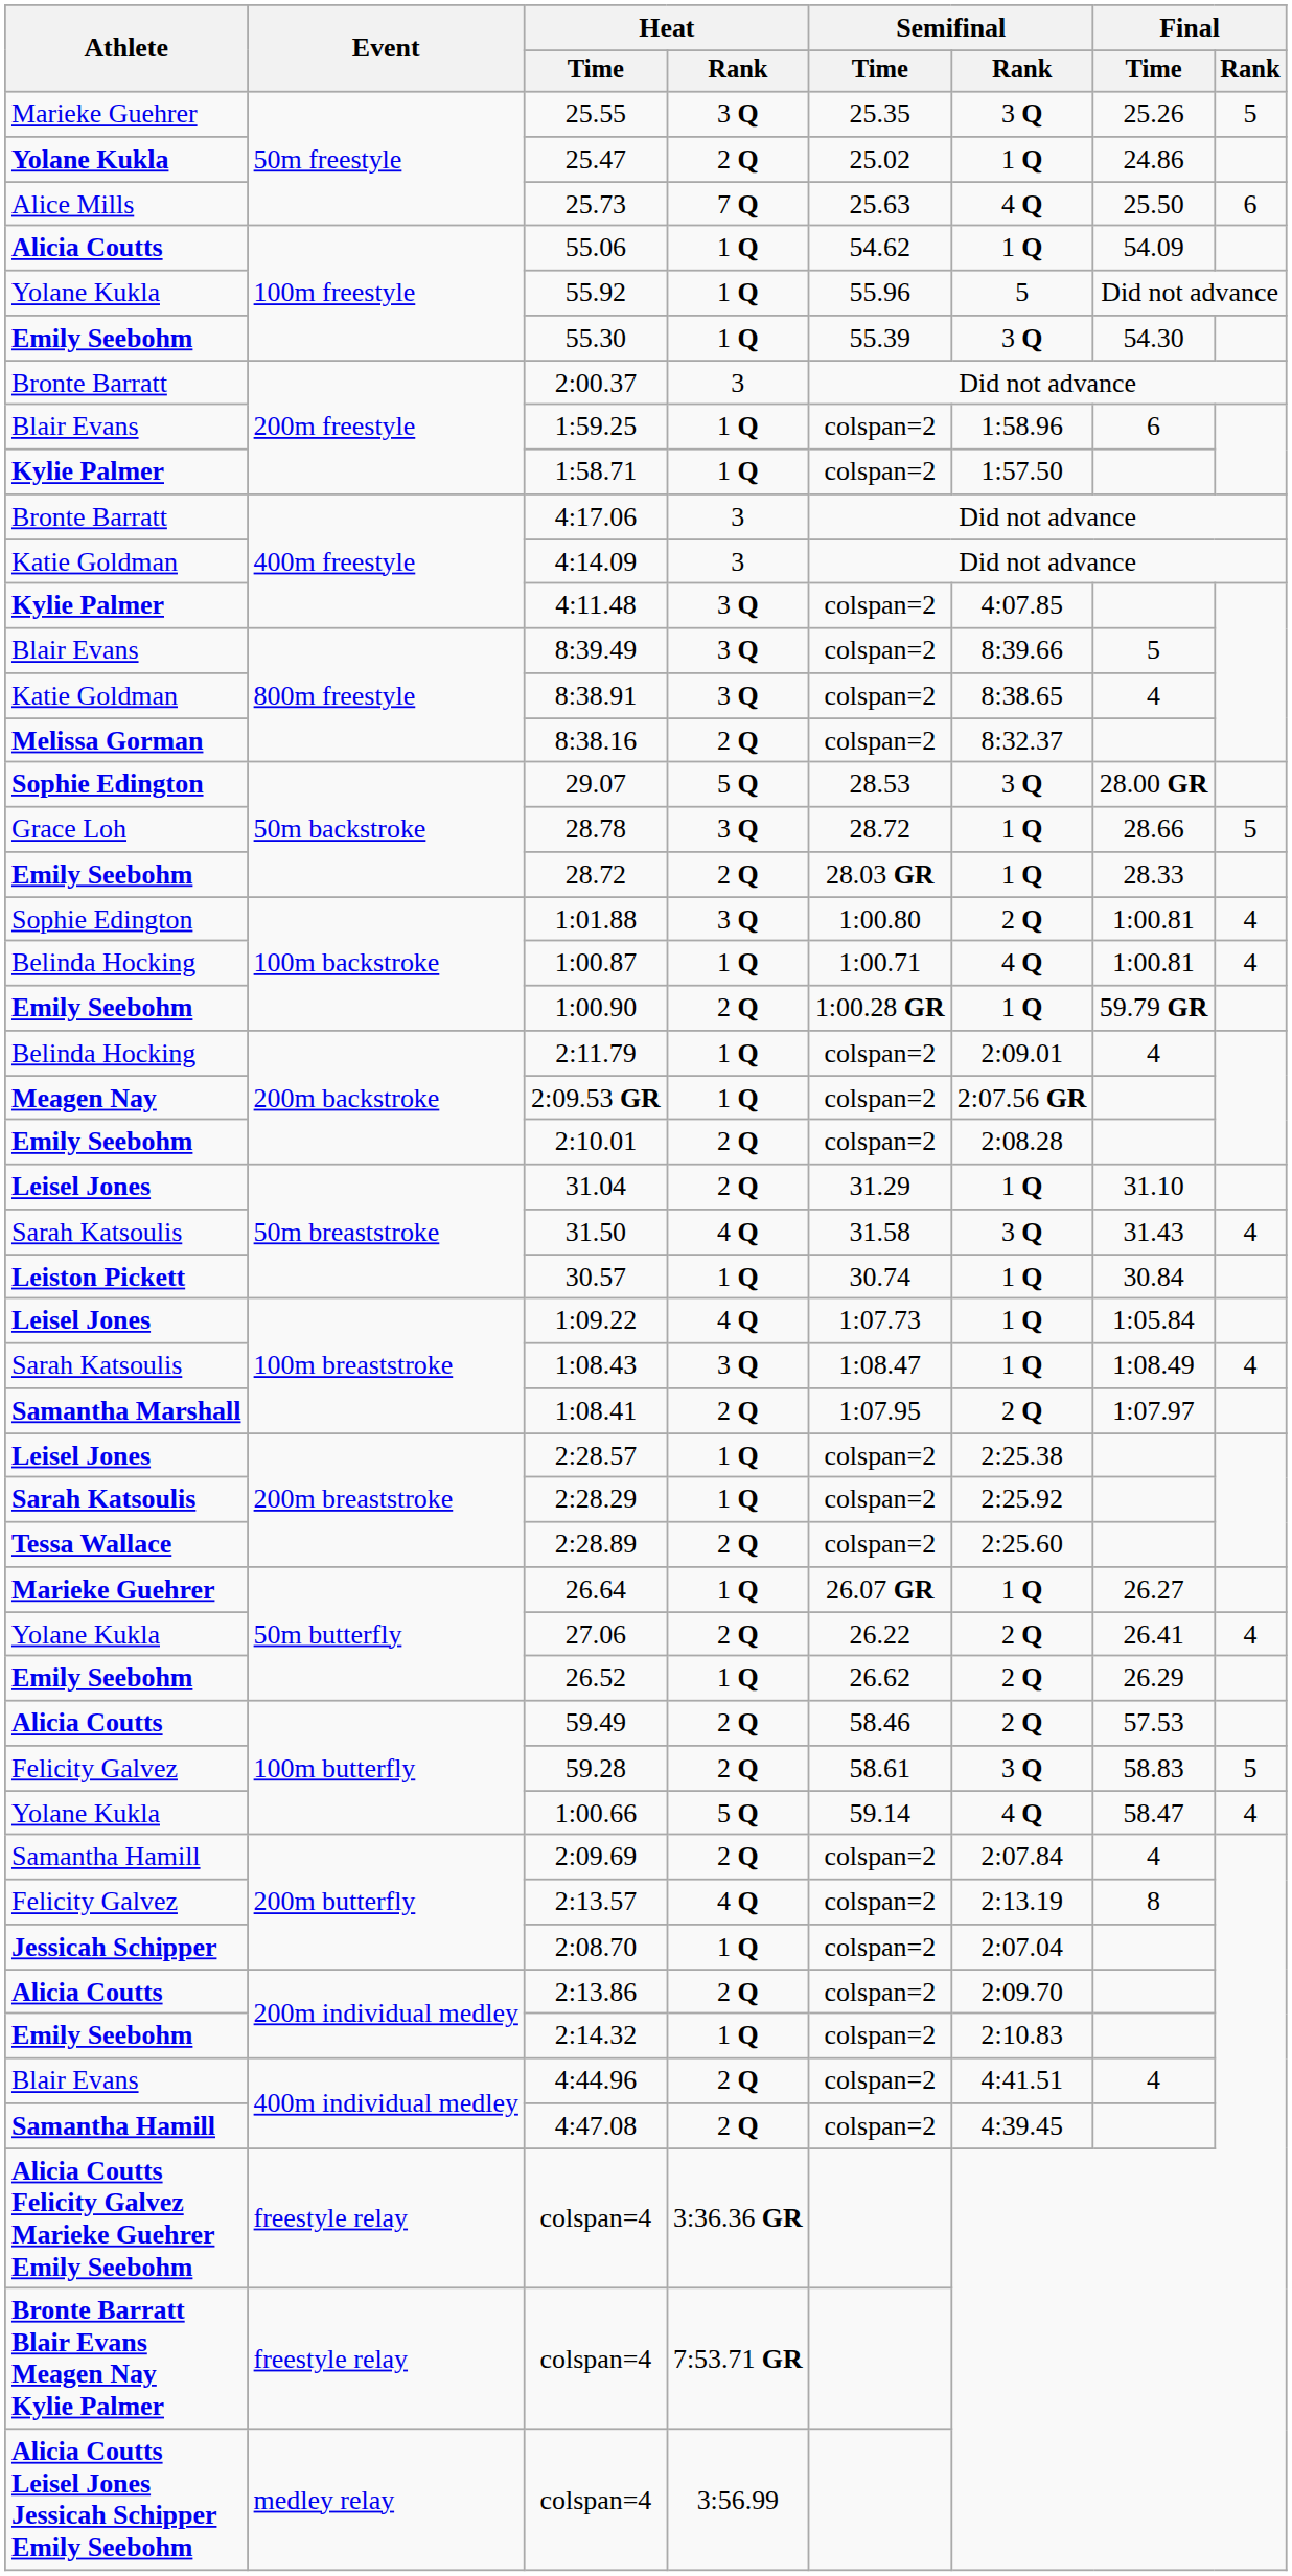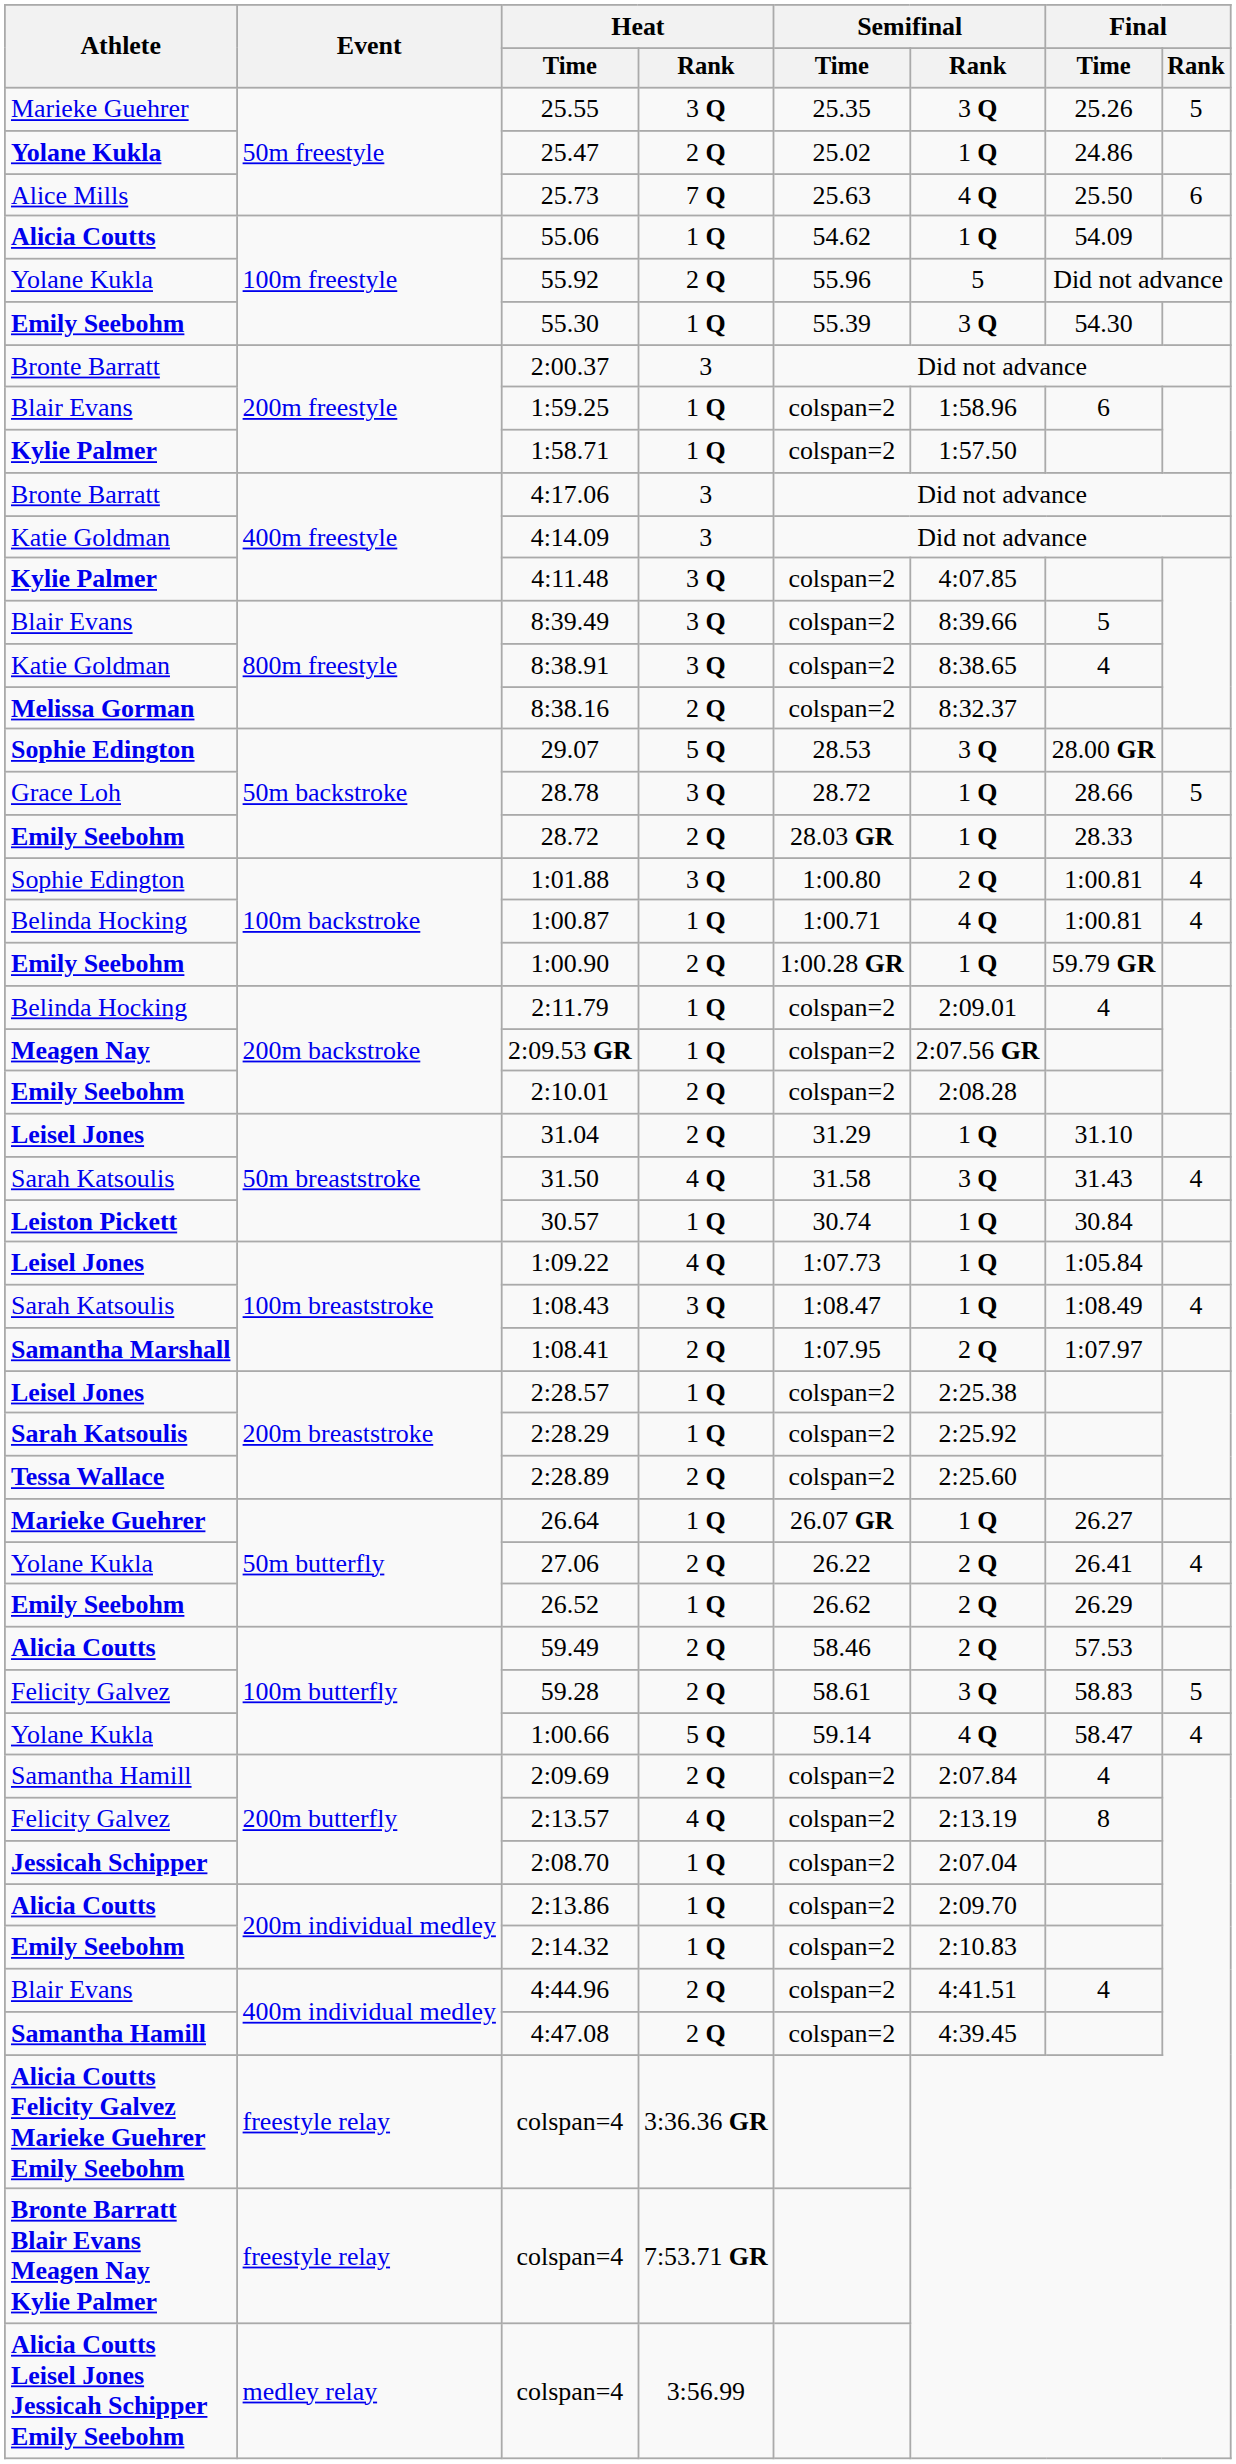 <table class=wikitable style="font-size:90%">
 <tr>
 <th rowspan="2">Athlete</th>
 <th rowspan="2">Event</th>
 <th colspan="2">Heat</th>
 <th colspan="2">Semifinal</th>
 <th colspan="2">Final</th>
 </tr>
 <tr style="font-size:95%">
 <th>Time</th>
 <th>Rank</th>
 <th>Time</th>
 <th>Rank</th>
 <th>Time</th>
 <th>Rank</th>
 </tr>
 <tr align=center>
 <td align=left><a href='#'>Marieke Guehrer</a></td>
 <td align=left rowspan=3><a href='#'>50m freestyle</a></td>
 <td>25.55</td>
 <td>3 <strong>Q</strong></td>
 <td>25.35</td>
 <td>3 <strong>Q</strong></td>
 <td>25.26</td>
 <td>5</td>
 </tr>
 <tr align=center>
 <td align=left><strong><a href='#'>Yolane Kukla</a></strong></td>
 <td>25.47</td>
 <td>2 <strong>Q</strong></td>
 <td>25.02</td>
 <td>1 <strong>Q</strong></td>
 <td>24.86</td>
 <td></td>
 </tr>
 <tr align=center>
 <td align=left><a href='#'>Alice Mills</a></td>
 <td>25.73</td>
 <td>7 <strong>Q</strong></td>
 <td>25.63</td>
 <td>4 <strong>Q</strong></td>
 <td>25.50</td>
 <td>6</td>
 </tr>
 <tr align=center>
 <td align=left><strong><a href='#'>Alicia Coutts</a></strong></td>
 <td align=left rowspan=3><a href='#'>100m freestyle</a></td>
 <td>55.06</td>
 <td>1 <strong>Q</strong></td>
 <td>54.62</td>
 <td>1 <strong>Q</strong></td>
 <td>54.09</td>
 <td></td>
 </tr>
 <tr align=center>
 <td align=left><a href='#'>Yolane Kukla</a></td>
 <td>55.92</td>
-<td>1 <strong>Q</strong></td>
+<td>2 <strong>Q</strong></td>
 <td>55.96</td>
 <td>5</td>
 <td colspan=2>Did not advance</td>
 </tr>
 <tr align=center>
 <td align=left><strong><a href='#'>Emily Seebohm</a></strong></td>
 <td>55.30</td>
 <td>1 <strong>Q</strong></td>
 <td>55.39</td>
 <td>3 <strong>Q</strong></td>
 <td>54.30</td>
 <td></td>
 </tr>
 <tr align=center>
 <td align=left><a href='#'>Bronte Barratt</a></td>
 <td align=left rowspan=3><a href='#'>200m freestyle</a></td>
 <td>2:00.37</td>
 <td>3</td>
 <td colspan=4>Did not advance</td>
 </tr>
 <tr align=center>
 <td align=left><a href='#'>Blair Evans</a></td>
 <td>1:59.25</td>
 <td>1 <strong>Q</strong></td>
 <td>colspan=2 </td>
 <td>1:58.96</td>
 <td>6</td>
 </tr>
 <tr align=center>
 <td align=left><strong><a href='#'>Kylie Palmer</a></strong></td>
 <td>1:58.71</td>
 <td>1 <strong>Q</strong></td>
 <td>colspan=2 </td>
 <td>1:57.50</td>
 <td></td>
 </tr>
 <tr align=center>
 <td align=left><a href='#'>Bronte Barratt</a></td>
 <td align=left rowspan=3><a href='#'>400m freestyle</a></td>
 <td>4:17.06</td>
 <td>3</td>
 <td colspan=4>Did not advance</td>
 </tr>
 <tr align=center>
 <td align=left><a href='#'>Katie Goldman</a></td>
 <td>4:14.09</td>
 <td>3</td>
 <td colspan=4>Did not advance</td>
 </tr>
 <tr align=center>
 <td align=left><strong><a href='#'>Kylie Palmer</a></strong></td>
 <td>4:11.48</td>
 <td>3 <strong>Q</strong></td>
 <td>colspan=2 </td>
 <td>4:07.85</td>
 <td></td>
 </tr>
 <tr align=center>
 <td align=left><a href='#'>Blair Evans</a></td>
 <td align=left rowspan=3><a href='#'>800m freestyle</a></td>
 <td>8:39.49</td>
 <td>3 <strong>Q</strong></td>
 <td>colspan=2 </td>
 <td>8:39.66</td>
 <td>5</td>
 </tr>
 <tr align=center>
 <td align=left><a href='#'>Katie Goldman</a></td>
 <td>8:38.91</td>
 <td>3 <strong>Q</strong></td>
 <td>colspan=2 </td>
 <td>8:38.65</td>
 <td>4</td>
 </tr>
 <tr align=center>
 <td align=left><strong><a href='#'>Melissa Gorman</a></strong></td>
 <td>8:38.16</td>
 <td>2 <strong>Q</strong></td>
 <td>colspan=2 </td>
 <td>8:32.37</td>
 <td></td>
 </tr>
 <tr align=center>
 <td align=left><strong><a href='#'>Sophie Edington</a></strong></td>
 <td align=left rowspan=3><a href='#'>50m backstroke</a></td>
 <td>29.07</td>
 <td>5 <strong>Q</strong></td>
 <td>28.53</td>
 <td>3 <strong>Q</strong></td>
 <td>28.00 <strong>GR</strong></td>
 <td></td>
 </tr>
 <tr align=center>
 <td align=left><a href='#'>Grace Loh</a></td>
 <td>28.78</td>
 <td>3 <strong>Q</strong></td>
 <td>28.72</td>
 <td>1 <strong>Q</strong></td>
 <td>28.66</td>
 <td>5</td>
 </tr>
 <tr align=center>
 <td align=left><strong><a href='#'>Emily Seebohm</a></strong></td>
 <td>28.72</td>
 <td>2 <strong>Q</strong></td>
 <td>28.03 <strong>GR</strong></td>
 <td>1 <strong>Q</strong></td>
 <td>28.33</td>
 <td></td>
 </tr>
 <tr align=center>
 <td align=left><a href='#'>Sophie Edington</a></td>
 <td align=left rowspan=3><a href='#'>100m backstroke</a></td>
 <td>1:01.88</td>
 <td>3 <strong>Q</strong></td>
 <td>1:00.80</td>
 <td>2 <strong>Q</strong></td>
 <td>1:00.81</td>
 <td>4</td>
 </tr>
 <tr align=center>
 <td align=left><a href='#'>Belinda Hocking</a></td>
 <td>1:00.87</td>
 <td>1 <strong>Q</strong></td>
 <td>1:00.71</td>
 <td>4 <strong>Q</strong></td>
 <td>1:00.81</td>
 <td>4</td>
 </tr>
 <tr align=center>
 <td align=left><strong><a href='#'>Emily Seebohm</a></strong></td>
 <td>1:00.90</td>
 <td>2 <strong>Q</strong></td>
 <td>1:00.28 <strong>GR</strong></td>
 <td>1 <strong>Q</strong></td>
 <td>59.79 <strong>GR</strong></td>
 <td></td>
 </tr>
 <tr align=center>
 <td align=left><a href='#'>Belinda Hocking</a></td>
 <td align=left rowspan=3><a href='#'>200m backstroke</a></td>
 <td>2:11.79</td>
 <td>1 <strong>Q</strong></td>
 <td>colspan=2 </td>
 <td>2:09.01</td>
 <td>4</td>
 </tr>
 <tr align=center>
 <td align=left><strong><a href='#'>Meagen Nay</a></strong></td>
 <td>2:09.53 <strong>GR</strong></td>
 <td>1 <strong>Q</strong></td>
 <td>colspan=2 </td>
 <td>2:07.56 <strong>GR</strong></td>
 <td></td>
 </tr>
 <tr align=center>
 <td align=left><strong><a href='#'>Emily Seebohm</a></strong></td>
 <td>2:10.01</td>
 <td>2 <strong>Q</strong></td>
 <td>colspan=2 </td>
 <td>2:08.28</td>
 <td></td>
 </tr>
 <tr align=center>
 <td align=left><strong><a href='#'>Leisel Jones</a></strong></td>
 <td align=left rowspan=3><a href='#'>50m breaststroke</a></td>
 <td>31.04</td>
 <td>2 <strong>Q</strong></td>
 <td>31.29</td>
 <td>1 <strong>Q</strong></td>
 <td>31.10</td>
 <td></td>
 </tr>
 <tr align=center>
 <td align=left><a href='#'>Sarah Katsoulis</a></td>
 <td>31.50</td>
 <td>4 <strong>Q</strong></td>
 <td>31.58</td>
 <td>3 <strong>Q</strong></td>
 <td>31.43</td>
 <td>4</td>
 </tr>
 <tr align=center>
 <td align=left><strong><a href='#'>Leiston Pickett</a></strong></td>
 <td>30.57</td>
 <td>1 <strong>Q</strong></td>
 <td>30.74</td>
 <td>1 <strong>Q</strong></td>
 <td>30.84</td>
 <td></td>
 </tr>
 <tr align=center>
 <td align=left><strong><a href='#'>Leisel Jones</a></strong></td>
 <td align=left rowspan=3><a href='#'>100m breaststroke</a></td>
 <td>1:09.22</td>
 <td>4 <strong>Q</strong></td>
 <td>1:07.73</td>
 <td>1 <strong>Q</strong></td>
 <td>1:05.84</td>
 <td></td>
 </tr>
 <tr align=center>
 <td align=left><a href='#'>Sarah Katsoulis</a></td>
 <td>1:08.43</td>
 <td>3 <strong>Q</strong></td>
 <td>1:08.47</td>
 <td>1 <strong>Q</strong></td>
 <td>1:08.49</td>
 <td>4</td>
 </tr>
 <tr align=center>
 <td align=left><strong><a href='#'>Samantha Marshall</a></strong></td>
 <td>1:08.41</td>
 <td>2 <strong>Q</strong></td>
 <td>1:07.95</td>
 <td>2 <strong>Q</strong></td>
 <td>1:07.97</td>
 <td></td>
 </tr>
 <tr align=center>
 <td align=left><strong><a href='#'>Leisel Jones</a></strong></td>
 <td align=left rowspan=3><a href='#'>200m breaststroke</a></td>
 <td>2:28.57</td>
 <td>1 <strong>Q</strong></td>
 <td>colspan=2 </td>
 <td>2:25.38</td>
 <td></td>
 </tr>
 <tr align=center>
 <td align=left><strong><a href='#'>Sarah Katsoulis</a></strong></td>
 <td>2:28.29</td>
 <td>1 <strong>Q</strong></td>
 <td>colspan=2 </td>
 <td>2:25.92</td>
 <td></td>
 </tr>
 <tr align=center>
 <td align=left><strong><a href='#'>Tessa Wallace</a></strong></td>
 <td>2:28.89</td>
 <td>2 <strong>Q</strong></td>
 <td>colspan=2 </td>
 <td>2:25.60</td>
 <td></td>
 </tr>
 <tr align=center>
 <td align=left><strong><a href='#'>Marieke Guehrer</a></strong></td>
 <td align=left rowspan=3><a href='#'>50m butterfly</a></td>
 <td>26.64</td>
 <td>1 <strong>Q</strong></td>
 <td>26.07 <strong>GR</strong></td>
 <td>1 <strong>Q</strong></td>
 <td>26.27</td>
 <td></td>
 </tr>
 <tr align=center>
 <td align=left><a href='#'>Yolane Kukla</a></td>
 <td>27.06</td>
 <td>2 <strong>Q</strong></td>
 <td>26.22</td>
 <td>2 <strong>Q</strong></td>
 <td>26.41</td>
 <td>4</td>
 </tr>
 <tr align=center>
 <td align=left><strong><a href='#'>Emily Seebohm</a></strong></td>
 <td>26.52</td>
 <td>1 <strong>Q</strong></td>
 <td>26.62</td>
 <td>2 <strong>Q</strong></td>
 <td>26.29</td>
 <td></td>
 </tr>
 <tr align=center>
 <td align=left><strong><a href='#'>Alicia Coutts</a></strong></td>
 <td align=left rowspan=3><a href='#'>100m butterfly</a></td>
 <td>59.49</td>
 <td>2 <strong>Q</strong></td>
 <td>58.46</td>
 <td>2 <strong>Q</strong></td>
 <td>57.53</td>
 <td></td>
 </tr>
 <tr align=center>
 <td align=left><a href='#'>Felicity Galvez</a></td>
 <td>59.28</td>
 <td>2 <strong>Q</strong></td>
 <td>58.61</td>
 <td>3 <strong>Q</strong></td>
 <td>58.83</td>
 <td>5</td>
 </tr>
 <tr align=center>
 <td align=left><a href='#'>Yolane Kukla</a></td>
 <td>1:00.66</td>
 <td>5 <strong>Q</strong></td>
 <td>59.14</td>
 <td>4 <strong>Q</strong></td>
 <td>58.47</td>
 <td>4</td>
 </tr>
 <tr align=center>
 <td align=left><a href='#'>Samantha Hamill</a></td>
 <td align=left rowspan=3><a href='#'>200m butterfly</a></td>
 <td>2:09.69</td>
 <td>2 <strong>Q</strong></td>
 <td>colspan=2 </td>
 <td>2:07.84</td>
 <td>4</td>
 </tr>
 <tr align=center>
 <td align=left><a href='#'>Felicity Galvez</a></td>
 <td>2:13.57</td>
 <td>4 <strong>Q</strong></td>
 <td>colspan=2 </td>
 <td>2:13.19</td>
 <td>8</td>
 </tr>
 <tr align=center>
 <td align=left><strong><a href='#'>Jessicah Schipper</a></strong></td>
 <td>2:08.70</td>
 <td>1 <strong>Q</strong></td>
 <td>colspan=2 </td>
 <td>2:07.04</td>
 <td></td>
 </tr>
 <tr align=center>
 <td align=left><strong><a href='#'>Alicia Coutts</a></strong></td>
 <td align=left rowspan=2><a href='#'>200m individual medley</a></td>
 <td>2:13.86</td>
-<td>2 <strong>Q</strong></td>
+<td>1 <strong>Q</strong></td>
 <td>colspan=2 </td>
 <td>2:09.70</td>
 <td></td>
 </tr>
 <tr align=center>
 <td align=left><strong><a href='#'>Emily Seebohm</a></strong></td>
 <td>2:14.32</td>
 <td>1 <strong>Q</strong></td>
 <td>colspan=2 </td>
 <td>2:10.83</td>
 <td></td>
 </tr>
 <tr align=center>
 <td align=left><a href='#'>Blair Evans</a></td>
 <td align=left rowspan=2><a href='#'>400m individual medley</a></td>
 <td>4:44.96</td>
 <td>2 <strong>Q</strong></td>
 <td>colspan=2 </td>
 <td>4:41.51</td>
 <td>4</td>
 </tr>
 <tr align=center>
 <td align=left><strong><a href='#'>Samantha Hamill</a></strong></td>
 <td>4:47.08</td>
 <td>2 <strong>Q</strong></td>
 <td>colspan=2 </td>
 <td>4:39.45</td>
 <td></td>
 </tr>
 <tr align=center>
 <td align=left><strong><a href='#'>Alicia Coutts</a><br><a href='#'>Felicity Galvez</a><br><a href='#'>Marieke Guehrer</a><br><a href='#'>Emily Seebohm</a></strong></td>
 <td align=left><a href='#'> freestyle relay</a></td>
 <td>colspan=4 </td>
 <td>3:36.36 <strong>GR</strong></td>
 <td></td>
 </tr>
 <tr align=center>
 <td align=left><strong><a href='#'>Bronte Barratt</a><br><a href='#'>Blair Evans</a><br><a href='#'>Meagen Nay</a><br><a href='#'>Kylie Palmer</a></strong></td>
 <td align=left><a href='#'> freestyle relay</a></td>
 <td>colspan=4 </td>
 <td>7:53.71 <strong>GR</strong></td>
 <td></td>
 </tr>
 <tr align=center>
 <td align=left><strong><a href='#'>Alicia Coutts</a><br><a href='#'>Leisel Jones</a><br><a href='#'>Jessicah Schipper</a><br><a href='#'>Emily Seebohm</a></strong></td>
 <td align=left><a href='#'> medley relay</a></td>
 <td>colspan=4 </td>
 <td>3:56.99</td>
 <td></td>
 </tr>
 </table>
